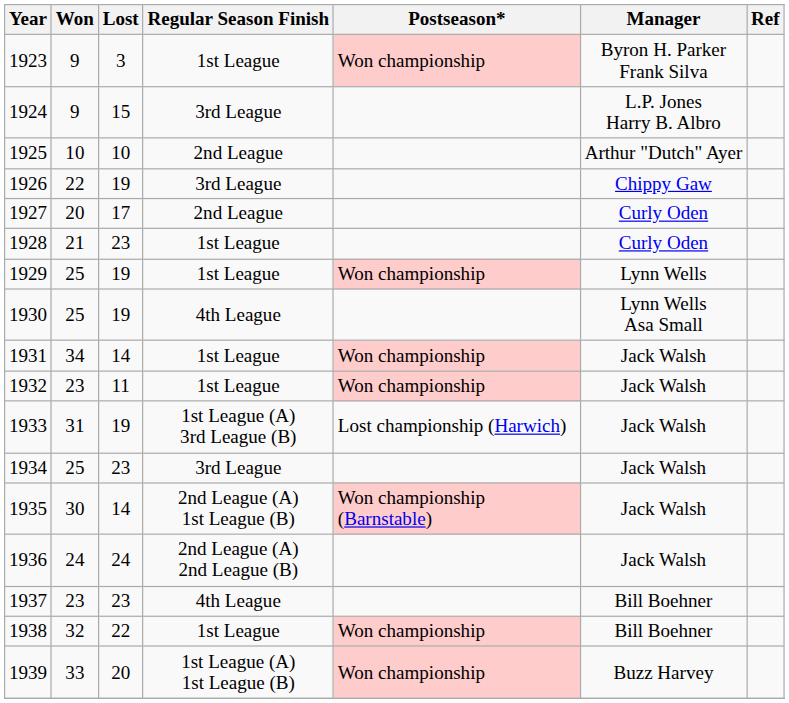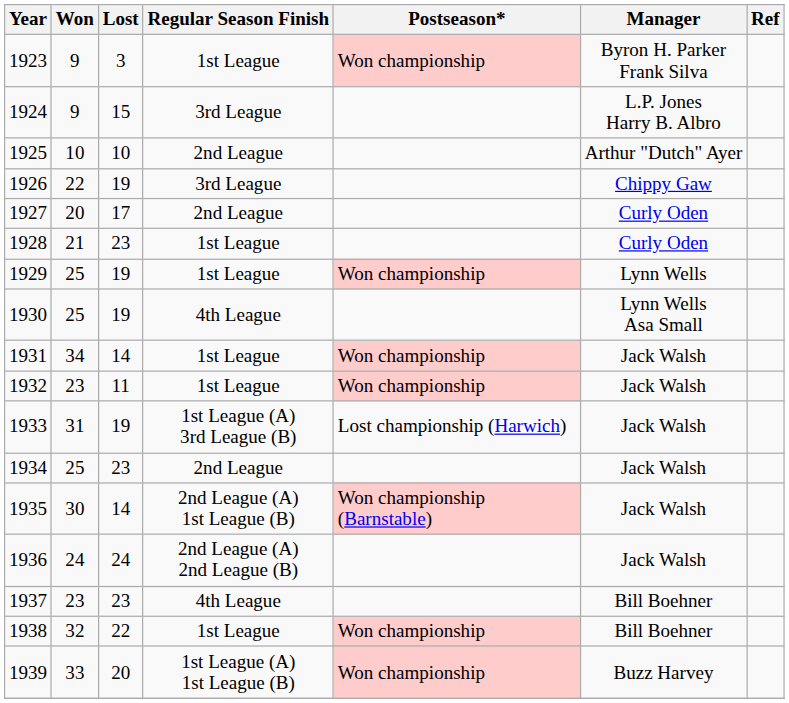 <table class="wikitable" style="text-align:center">
 <tr>
 <th>Year</th>
 <th>Won</th>
 <th>Lost</th>
 <th>Regular Season Finish</th>
 <th scope="col" style="width: 200px; ">Postseason*</th>
 <th>Manager</th>
 <th>Ref</th>
 </tr>
 <tr>
 <td>1923</td>
 <td>9</td>
 <td>3</td>
 <td>1st League</td>
 <td style="text-align:left" bgcolor=#ffcccc>Won championship</td>
 <td>Byron H. Parker<br>Frank Silva</td>
 <td></td>
 </tr>
 <tr>
 <td>1924</td>
 <td>9</td>
 <td>15</td>
 <td>3rd League</td>
 <td></td>
 <td>L.P. Jones<br>Harry B. Albro</td>
 <td></td>
 </tr>
 <tr>
 <td>1925</td>
 <td>10</td>
 <td>10</td>
 <td>2nd League</td>
 <td></td>
 <td>Arthur "Dutch" Ayer</td>
 <td></td>
 </tr>
 <tr>
 <td>1926</td>
 <td>22</td>
 <td>19</td>
 <td>3rd League</td>
 <td></td>
 <td><a href='#'>Chippy Gaw</a></td>
 <td></td>
 </tr>
 <tr>
 <td>1927</td>
 <td>20</td>
 <td>17</td>
 <td>2nd League</td>
 <td></td>
 <td><a href='#'>Curly Oden</a></td>
 <td></td>
 </tr>
 <tr>
 <td>1928</td>
 <td>21</td>
 <td>23</td>
 <td>1st League</td>
 <td></td>
 <td><a href='#'>Curly Oden</a></td>
 <td></td>
 </tr>
 <tr>
 <td>1929</td>
 <td>25</td>
 <td>19</td>
 <td>1st League</td>
 <td style="text-align:left" bgcolor=#ffcccc>Won championship</td>
 <td>Lynn Wells</td>
 <td></td>
 </tr>
 <tr>
 <td>1930</td>
 <td>25</td>
 <td>19</td>
 <td>4th League</td>
 <td></td>
 <td>Lynn Wells<br>Asa Small</td>
 <td></td>
 </tr>
 <tr>
 <td>1931</td>
 <td>34</td>
 <td>14</td>
 <td>1st League</td>
 <td style="text-align:left" bgcolor=#ffcccc>Won championship</td>
 <td>Jack Walsh</td>
 <td></td>
 </tr>
 <tr>
 <td>1932</td>
 <td>23</td>
 <td>11</td>
 <td>1st League</td>
 <td style="text-align:left" bgcolor=#ffcccc>Won championship</td>
 <td>Jack Walsh</td>
 <td></td>
 </tr>
 <tr>
 <td>1933</td>
 <td>31</td>
 <td>19</td>
 <td>1st League (A)<br>3rd League (B)</td>
 <td style="text-align:left">Lost championship (<a href='#'>Harwich</a>)</td>
 <td>Jack Walsh</td>
 <td><br></td>
 </tr>
 <tr>
 <td>1934</td>
 <td>25</td>
 <td>23</td>
-<td>3rd League</td>
+<td>2nd League</td>
 <td></td>
 <td>Jack Walsh</td>
 <td></td>
 </tr>
 <tr>
 <td>1935</td>
 <td>30</td>
 <td>14</td>
 <td>2nd League (A)<br>1st League (B)</td>
 <td style="text-align:left" bgcolor=#ffcccc>Won championship (<a href='#'>Barnstable</a>)</td>
 <td>Jack Walsh</td>
 <td><br></td>
 </tr>
 <tr>
 <td>1936</td>
 <td>24</td>
 <td>24</td>
 <td>2nd League (A)<br>2nd League (B)</td>
 <td></td>
 <td>Jack Walsh</td>
 <td></td>
 </tr>
 <tr>
 <td>1937</td>
 <td>23</td>
 <td>23</td>
 <td>4th League</td>
 <td></td>
 <td>Bill Boehner</td>
 <td></td>
 </tr>
 <tr>
 <td>1938</td>
 <td>32</td>
 <td>22</td>
 <td>1st League</td>
 <td style="text-align:left" bgcolor=#ffcccc>Won championship</td>
 <td>Bill Boehner</td>
 <td></td>
 </tr>
 <tr>
 <td>1939</td>
 <td>33</td>
 <td>20</td>
 <td>1st League (A)<br>1st League (B)</td>
 <td style="text-align:left" bgcolor=#ffcccc>Won championship</td>
 <td>Buzz Harvey</td>
 <td></td>
 </tr>
 <tr>
 </tr>
 </table>
